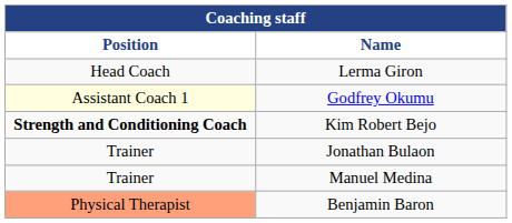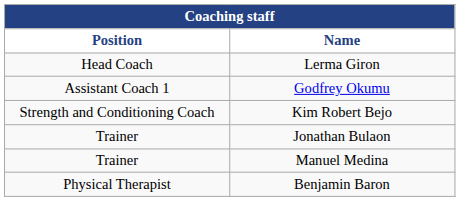 <table class="wikitable sortable" style="font-size:90%; text-align:center;">
 <tr>
 <th colspan="5" style= "background:#244183; color:white; text-align: center">Coaching staff</th>
 </tr>
 <tr align=center>
 <th style="width:15em; background:white; color:#244183;">Position</th>
 <th style="width:15em; background:white; color:#244183;">Name</th>
 </tr>
 <tr>
 <td>Head Coach</td>
 <td> Lerma Giron</td>
 </tr>
 <tr>
-<td style="background: lightyellow;">Assistant Coach 1</td>
+<td>Assistant Coach 1</td>
 <td> <a href='#'>Godfrey Okumu</a></td>
 </tr>
 <tr>
-<td><strong>Strength and Conditioning Coach</strong></td>
+<td>Strength and Conditioning Coach</td>
 <td> Kim Robert Bejo</td>
 </tr>
 <tr>
 <td>Trainer</td>
 <td>  Jonathan Bulaon</td>
 </tr>
 <tr>
 <td>Trainer</td>
 <td> Manuel Medina</td>
 </tr>
 <tr>
-<td style="background: lightsalmon;">Physical Therapist</td>
+<td>Physical Therapist</td>
 <td>Benjamin Baron</td>
 </tr>
 </table>
